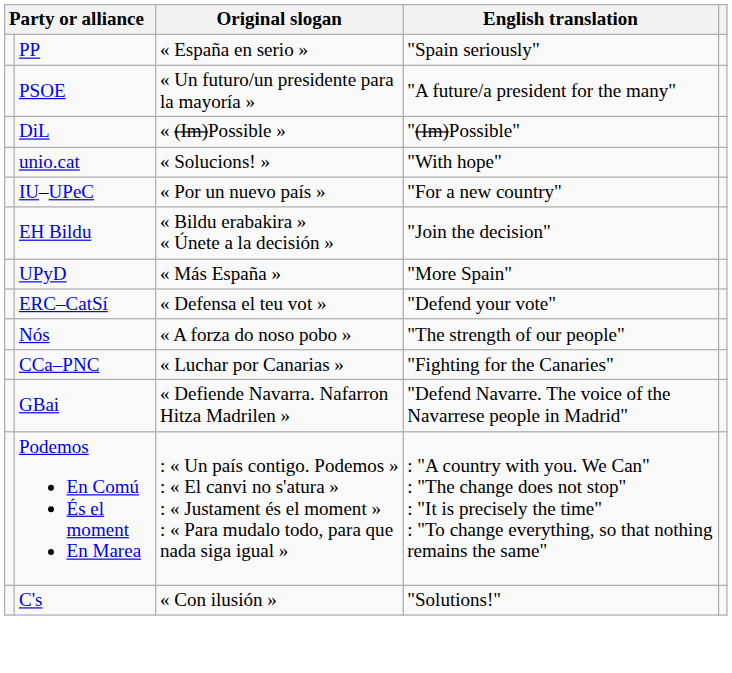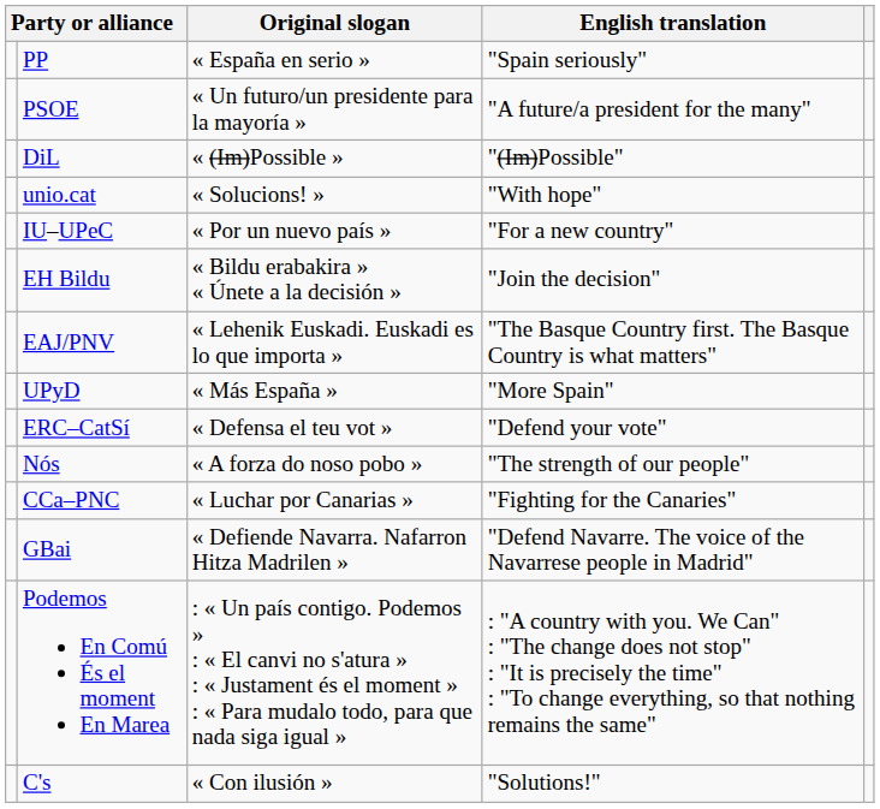 <table class="wikitable" style="text-align:left;">
 <tr>
 <th style="text-align:left;" colspan="2">Party or alliance</th>
 <th>Original slogan</th>
 <th>English translation</th>
 <th></th>
 </tr>
 <tr>
 <td width="1" style="color:inherit;background:"></td>
 <td><a href='#'>PP</a></td>
 <td>« España en serio »</td>
 <td>"Spain seriously"</td>
 <td></td>
 </tr>
 <tr>
 <td style="color:inherit;background:"></td>
 <td><a href='#'>PSOE</a></td>
 <td>« Un futuro/un presidente para la mayoría »</td>
 <td>"A future/a president for the many"</td>
 <td></td>
 </tr>
 <tr>
 <td style="color:inherit;background:"></td>
 <td><a href='#'>DiL</a></td>
 <td>« <s>(Im)</s>Possible »</td>
 <td>"<s>(Im)</s>Possible"</td>
 <td></td>
 </tr>
 <tr>
 <td style="color:inherit;background:"></td>
 <td><a href='#'>unio.cat</a></td>
 <td>« Solucions! »</td>
 <td>"With hope"</td>
 <td></td>
 </tr>
 <tr>
 <td style="color:inherit;background:"></td>
 <td><a href='#'>IU</a>–<a href='#'>UPeC</a></td>
 <td>« Por un nuevo país »</td>
 <td>"For a new country"</td>
 <td></td>
 </tr>
 <tr>
 <td style="color:inherit;background:"></td>
 <td><a href='#'>EH Bildu</a></td>
 <td>« Bildu erabakira »<br>« Únete a la decisión »</td>
 <td>"Join the decision"</td>
+<td></td>
+</tr>
+<tr>
+<td style="color:inherit;background:"></td>
+<td><a href='#'>EAJ/PNV</a></td>
+<td>« Lehenik Euskadi. Euskadi es lo que importa »</td>
+<td>"The Basque Country first. The Basque Country is what matters"</td>
 <td></td>
 </tr>
 <tr>
 <td style="color:inherit;background:"></td>
 <td><a href='#'>UPyD</a></td>
 <td>« Más España »</td>
 <td>"More Spain"</td>
 <td></td>
 </tr>
 <tr>
 <td style="color:inherit;background:"></td>
 <td><a href='#'>ERC–CatSí</a></td>
 <td>« Defensa el teu vot »</td>
 <td>"Defend your vote"</td>
 <td></td>
 </tr>
 <tr>
 <td style="color:inherit;background:"></td>
 <td><a href='#'>Nós</a></td>
 <td>« A forza do noso pobo »</td>
 <td>"The strength of our people"</td>
 <td></td>
 </tr>
 <tr>
 <td style="color:inherit;background:"></td>
 <td><a href='#'>CCa–PNC</a></td>
 <td>« Luchar por Canarias »</td>
 <td>"Fighting for the Canaries"</td>
 <td></td>
 </tr>
 <tr>
 <td style="color:inherit;background:"></td>
 <td><a href='#'>GBai</a></td>
 <td>« Defiende Navarra. Nafarron Hitza Madrilen »</td>
 <td>"Defend Navarre. The voice of the Navarrese people in Madrid"</td>
 <td></td>
 </tr>
 <tr>
 <td style="color:inherit;background:"></td>
 <td><a href='#'>Podemos</a><br><ul><li><a href='#'>En Comú</a></li><li><a href='#'>És el moment</a></li><li><a href='#'>En Marea</a></li></ul></td>
 <td>: « Un país contigo. Podemos »<br>: « El canvi no s'atura »<br>: « Justament és el moment »<br>: « Para mudalo todo, para que nada siga igual »</td>
 <td>: "A country with you. We Can"<br>: "The change does not stop"<br>: "It is precisely the time"<br>: "To change everything, so that nothing remains the same"</td>
 <td><br><br><br></td>
 </tr>
 <tr>
 <td style="color:inherit;background:"></td>
 <td><a href='#'>C's</a></td>
 <td>« Con ilusión »</td>
 <td>"Solutions!"</td>
 <td></td>
 </tr>
 </table>
